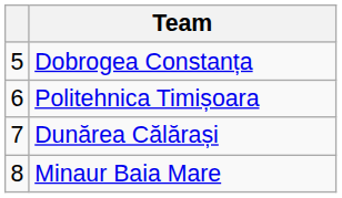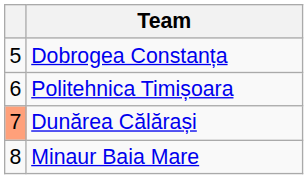 <table class="wikitable sortable" style="text-align:center">
 <tr>
 <th></th>
 <th width="200">Team</th>
 </tr>
 <tr>
 <td>5</td>
 <td align=left><a href='#'>Dobrogea Constanța</a></td>
 </tr>
 <tr>
 <td>6</td>
 <td align=left><a href='#'>Politehnica Timișoara</a></td>
 </tr>
 <tr>
-<td>7</td>
+<td style="background: lightsalmon;">7</td>
 <td align=left><a href='#'>Dunărea Călărași</a></td>
 </tr>
 <tr>
 <td>8</td>
 <td align=left><a href='#'>Minaur Baia Mare</a></td>
 </tr>
 </table>
